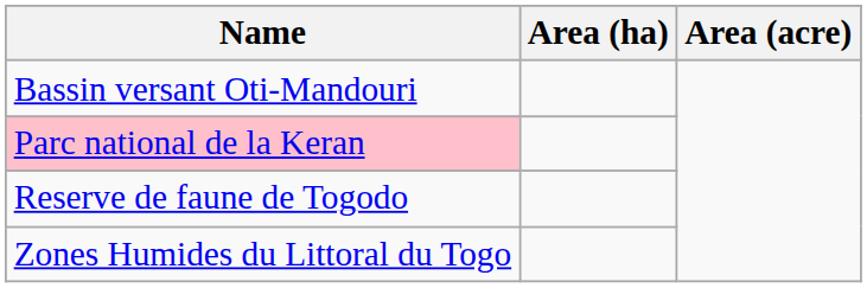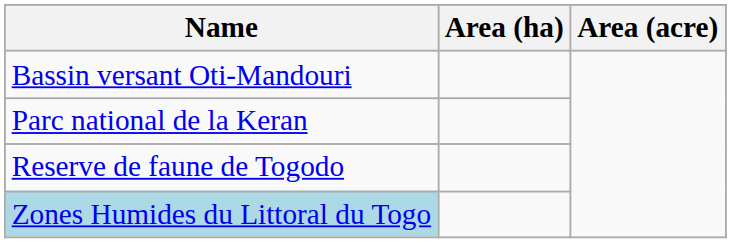 <table class="wikitable sortable">
 <tr>
 <th scope="col" align=left>Name</th>
 <th scope="col">Area (ha)</th>
 <th scope="col">Area (acre)</th>
 </tr>
 <tr ---->
 <td><a href='#'>Bassin versant Oti-Mandouri</a></td>
 <td></td>
 </tr>
 <tr ---->
-<td style="background: pink;"><a href='#'>Parc national de la Keran</a></td>
+<td><a href='#'>Parc national de la Keran</a></td>
 <td></td>
 </tr>
 <tr ---->
 <td><a href='#'>Reserve de faune de Togodo</a></td>
 <td></td>
 </tr>
 <tr ---->
-<td><a href='#'>Zones Humides du Littoral du Togo</a></td>
+<td style="background: lightblue;"><a href='#'>Zones Humides du Littoral du Togo</a></td>
 <td></td>
 </tr>
 </table>
